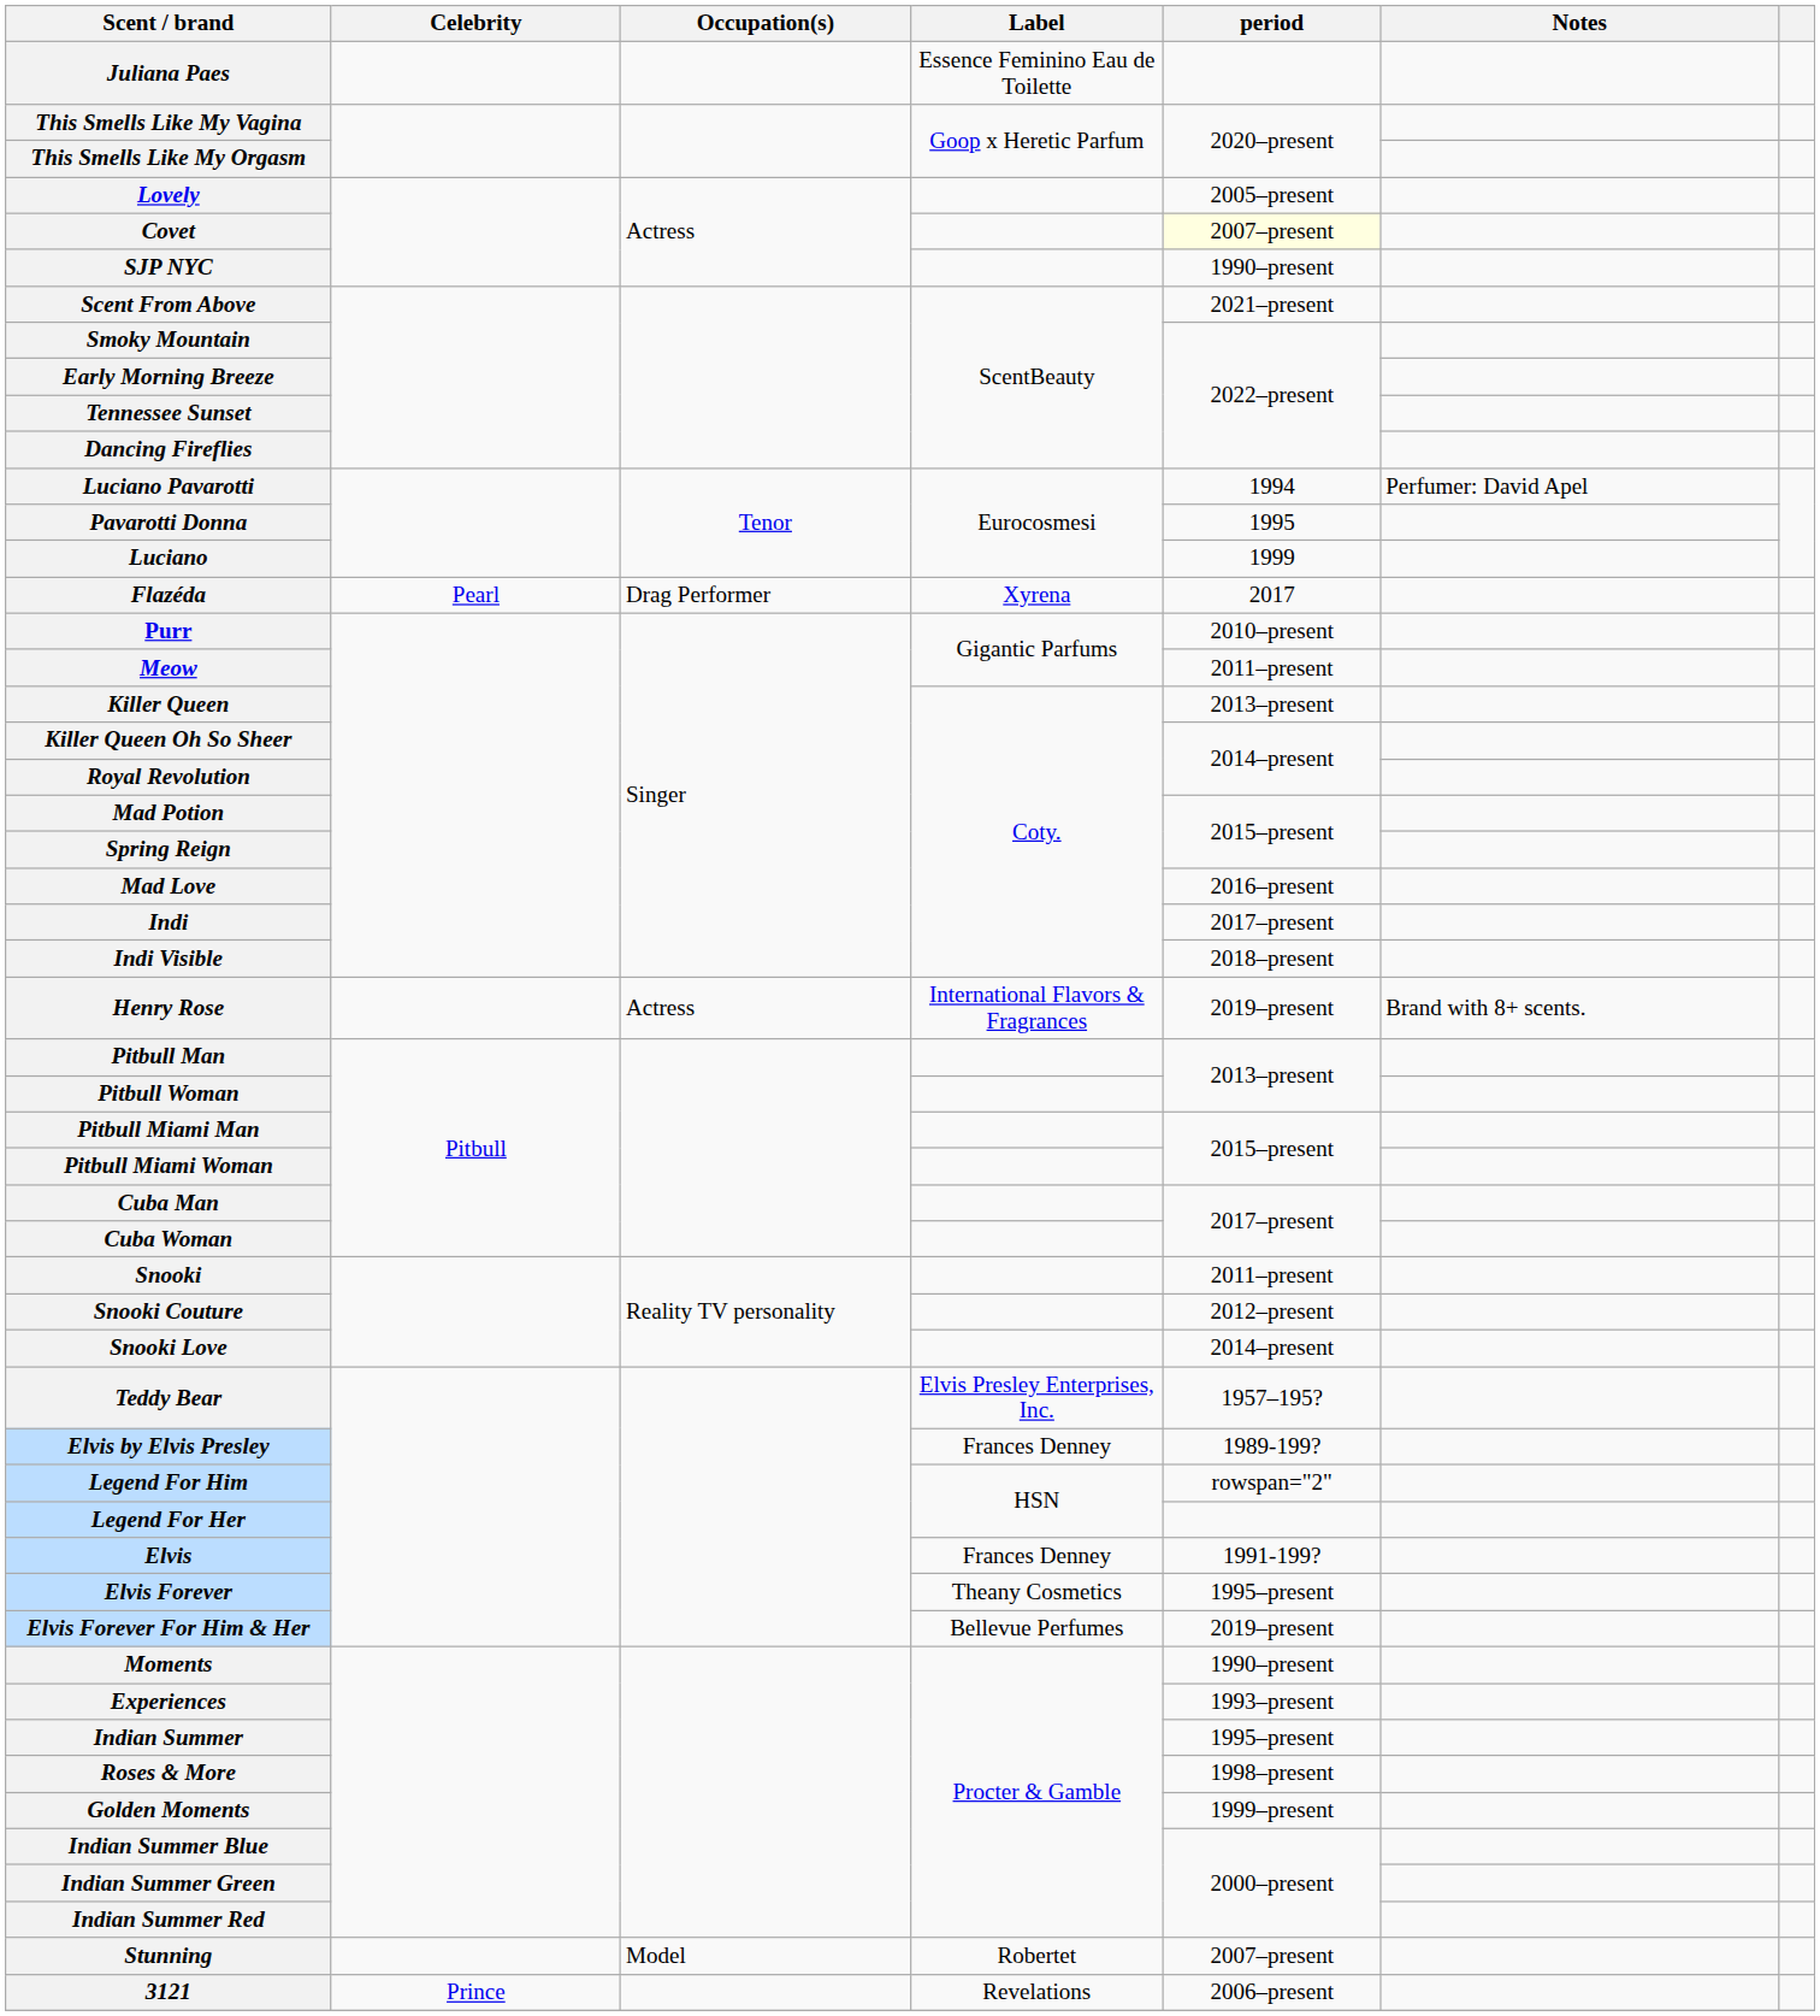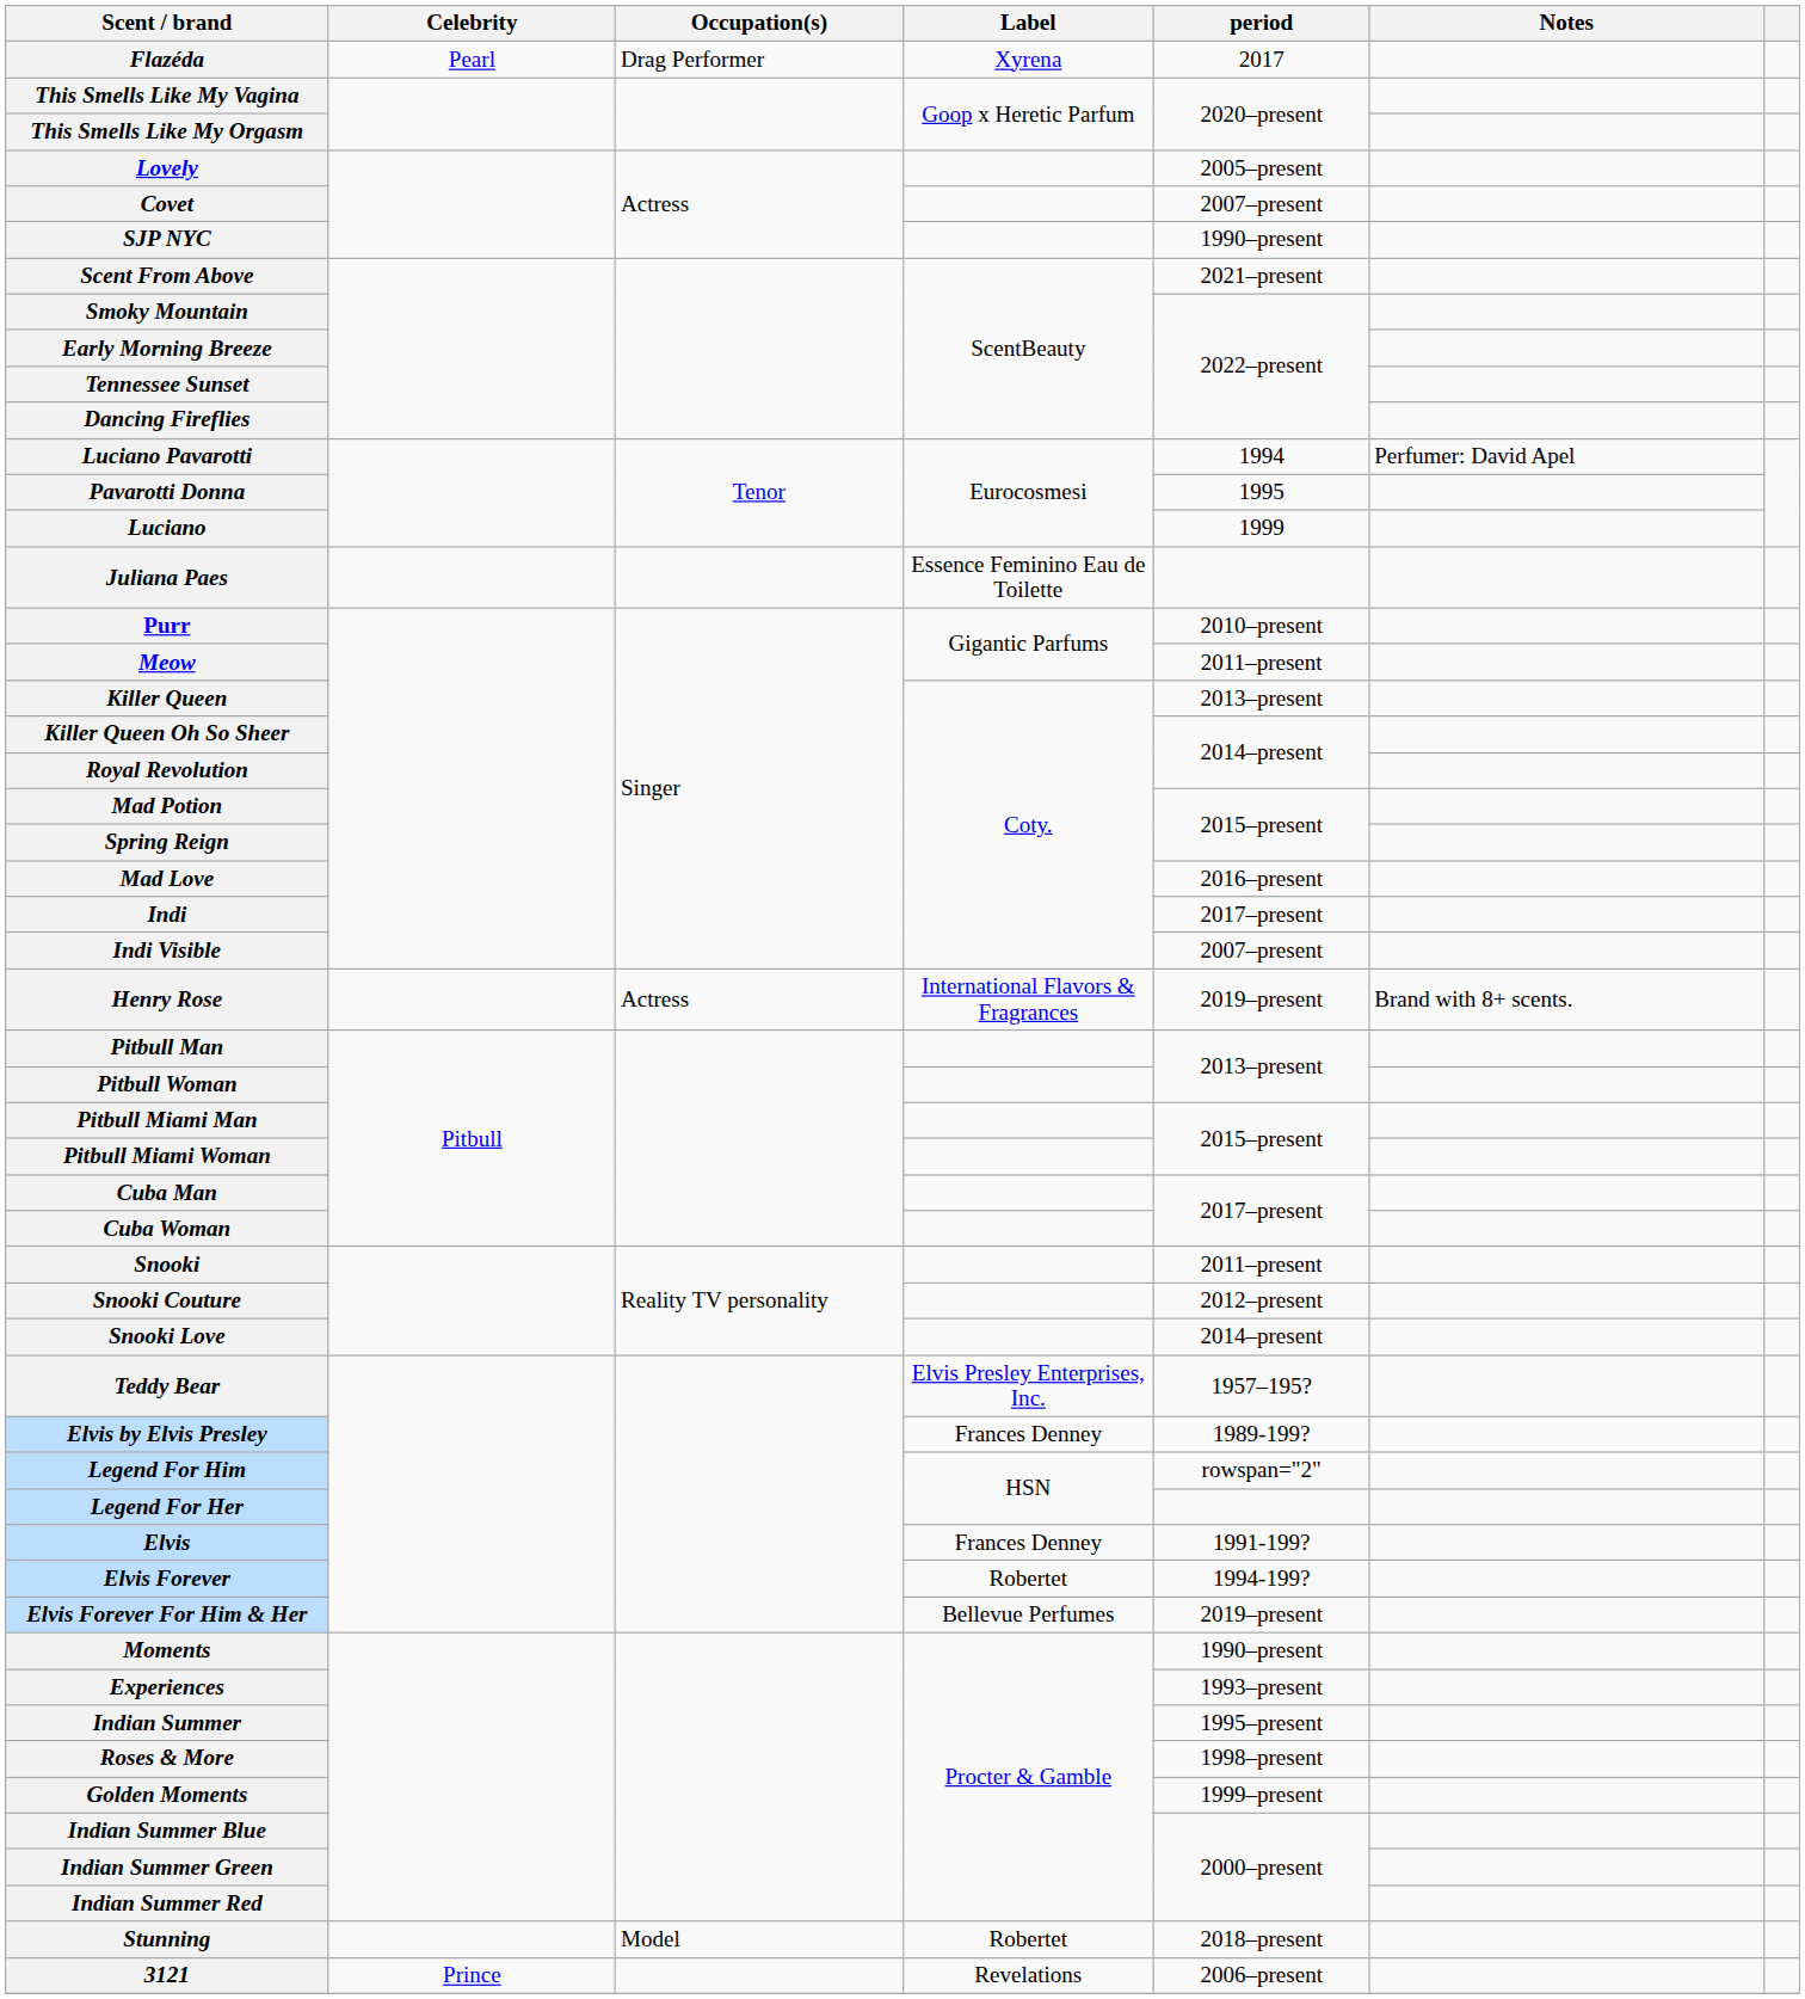 <table class="wikitable sortable plainrowheaders" font-size:95%; style="text-align:center;" width="100%;">
 <tr>
 <th scope="col" width="18%">Scent / brand</th>
 <th scope="col" width:"16%">Celebrity</th>
 <th scope="col" width="16%">Occupation(s)</th>
 <th scope="col" width="14%">Label</th>
 <th scope="col" width="12%"> period</th>
 <th scope="col" width="22%;" class="unsortable">Notes</th>
 <th scope="col" width="2%;" class="unsortable"></th>
 </tr>
 <tr>
-<th scope="row"><em>Juliana Paes</em></th>
-<td></td>
-<td></td>
-<td>Essence Feminino Eau de Toilette</td>
-<td></td>
+<th scope="row"><em>Flazéda</em></th>
+<td><a href='#'>Pearl</a></td>
+<td style="text-align:left;">Drag Performer</td>
+<td><a href='#'>Xyrena</a></td>
+<td>2017</td>
 <td style="text-align:left;"></td>
 <td></td>
 </tr>
 <tr>
 <th scope="row"><em>This Smells Like My Vagina</em></th>
 <td rowspan="2"></td>
 <td rowspan="2"></td>
 <td rowspan="2"><a href='#'>Goop</a> x Heretic Parfum</td>
 <td rowspan="2">2020–present</td>
 <td style="text-align:left;"></td>
 <td></td>
 </tr>
 <tr>
 <th scope="row"><em>This Smells Like My Orgasm</em></th>
 <td style="text-align:left;"></td>
 <td></td>
 </tr>
 <tr>
 <th scope="row"><em><a href='#'>Lovely</a></em></th>
 <td rowspan="3"></td>
 <td rowspan="3" style="text-align:left;">Actress</td>
 <td></td>
 <td>2005–present</td>
 <td style="text-align:left;"></td>
 <td></td>
 </tr>
 <tr>
 <th scope="row"><em>Covet</em></th>
 <td></td>
-<td style="background: lightyellow;">2007–present</td>
+<td>2007–present</td>
 <td style="text-align:left;"></td>
 <td></td>
 </tr>
 <tr>
 <th scope="row"><em>SJP NYC</em></th>
 <td></td>
 <td>1990–present</td>
 <td style="text-align:left;"></td>
 <td></td>
 </tr>
 <tr>
 <th scope="row"><em>Scent From Above</em></th>
 <td rowspan="5"></td>
 <td rowspan="5"></td>
 <td rowspan="5">ScentBeauty</td>
 <td>2021–present</td>
 <td style="text-align:left;"></td>
 <td></td>
 </tr>
 <tr>
 <th scope="row"><em>Smoky Mountain</em></th>
 <td rowspan="4">2022–present</td>
 <td style="text-align:left;"></td>
 <td></td>
 </tr>
 <tr>
 <th scope="row"><em>Early Morning Breeze</em></th>
 <td style="text-align:left;"></td>
 <td></td>
 </tr>
 <tr>
 <th scope="row"><em>Tennessee Sunset</em></th>
 <td style="text-align:left;"></td>
 <td></td>
 </tr>
 <tr>
 <th scope="row"><em>Dancing Fireflies</em></th>
 <td style="text-align:left;"></td>
 <td></td>
 </tr>
 <tr>
 <th scope="row"><em>Luciano Pavarotti</em></th>
 <td rowspan="3"></td>
 <td rowspan="3"><a href='#'>Tenor</a></td>
 <td rowspan="3">Eurocosmesi</td>
 <td>1994</td>
 <td style="text-align:left;">Perfumer: David Apel</td>
 <td rowspan="3"></td>
 </tr>
 <tr>
 <th scope="row"><em>Pavarotti Donna</em></th>
 <td>1995</td>
 <td style="text-align:left;"></td>
 </tr>
 <tr>
 <th scope="row"><em>Luciano</em></th>
 <td>1999</td>
 <td style="text-align:left;"></td>
 </tr>
 <tr>
-<th scope="row"><em>Flazéda</em></th>
-<td><a href='#'>Pearl</a></td>
-<td style="text-align:left;">Drag Performer</td>
-<td><a href='#'>Xyrena</a></td>
-<td>2017</td>
+<th scope="row"><em>Juliana Paes</em></th>
+<td></td>
+<td></td>
+<td>Essence Feminino Eau de Toilette</td>
+<td></td>
 <td style="text-align:left;"></td>
 <td></td>
 </tr>
 <tr>
 <th scope="row"><a href='#'>Purr</a></th>
 <td rowspan="10"></td>
 <td rowspan="10" style="text-align:left;">Singer</td>
 <td rowspan="2">Gigantic Parfums</td>
 <td>2010–present</td>
 <td style="text-align:left;"></td>
 <td></td>
 </tr>
 <tr>
 <th scope="row"><em><a href='#'>Meow</a></em></th>
 <td>2011–present</td>
 <td style="text-align:left;"></td>
 <td></td>
 </tr>
 <tr>
 <th scope="row"><em>Killer Queen</em></th>
 <td rowspan="8"><a href='#'>Coty.</a></td>
 <td>2013–present</td>
 <td style="text-align:left;"></td>
 <td></td>
 </tr>
 <tr>
 <th scope="row"><em>Killer Queen Oh So Sheer</em></th>
 <td rowspan="2">2014–present</td>
 <td style="text-align:left;"></td>
 <td></td>
 </tr>
 <tr>
 <th scope="row"><em>Royal Revolution</em></th>
 <td style="text-align:left;"></td>
 <td></td>
 </tr>
 <tr>
 <th scope="row"><em>Mad Potion</em></th>
 <td rowspan="2">2015–present</td>
 <td style="text-align:left;"></td>
 <td></td>
 </tr>
 <tr>
 <th scope="row"><em>Spring Reign</em></th>
 <td style="text-align:left;"></td>
 <td></td>
 </tr>
 <tr>
 <th scope="row"><em>Mad Love</em></th>
 <td>2016–present</td>
 <td style="text-align:left;"></td>
 <td></td>
 </tr>
 <tr>
 <th scope="row"><em>Indi</em></th>
 <td>2017–present</td>
 <td style="text-align:left;"></td>
 <td></td>
 </tr>
 <tr>
 <th scope="row"><em>Indi Visible</em></th>
-<td>2018–present</td>
+<td>2007–present</td>
 <td style="text-align:left;"></td>
 <td></td>
 </tr>
 <tr>
 <th scope="row"><em>Henry Rose</em></th>
 <td></td>
 <td style="text-align:left;">Actress</td>
 <td><a href='#'>International Flavors & Fragrances</a></td>
 <td>2019–present</td>
 <td style="text-align:left;">Brand with 8+ scents.</td>
 <td></td>
 </tr>
 <tr>
 <th scope="row"><em>Pitbull Man</em></th>
 <td rowspan="6"><a href='#'>Pitbull</a></td>
 <td rowspan="6"></td>
 <td></td>
 <td rowspan="2">2013–present</td>
 <td style="text-align:left;"></td>
 <td></td>
 </tr>
 <tr>
 <th scope="row"><em>Pitbull Woman</em></th>
 <td></td>
 <td style="text-align:left;"></td>
 <td></td>
 </tr>
 <tr>
 <th scope="row"><em>Pitbull Miami Man</em></th>
 <td></td>
 <td rowspan="2">2015–present</td>
 <td></td>
 <td></td>
 </tr>
 <tr>
 <th scope="row"><em>Pitbull Miami Woman</em></th>
 <td></td>
 <td style="text-align:left;"></td>
 <td></td>
 </tr>
 <tr>
 <th scope="row"><em>Cuba Man</em></th>
 <td></td>
 <td rowspan="2">2017–present</td>
 <td style="text-align:left;"></td>
 <td></td>
 </tr>
 <tr>
 <th scope="row"><em>Cuba Woman</em></th>
 <td></td>
 <td style="text-align:left;"></td>
 <td></td>
 </tr>
 <tr>
 <th scope="row"><em>Snooki</em></th>
 <td rowspan="3"></td>
 <td rowspan="3" style="text-align:left;">Reality TV personality</td>
 <td></td>
 <td>2011–present</td>
 <td style="text-align:left;"></td>
 <td></td>
 </tr>
 <tr>
 <th scope="row"><em>Snooki Couture</em></th>
 <td></td>
 <td>2012–present</td>
 <td style="text-align:left;"></td>
 <td></td>
 </tr>
 <tr>
 <th scope="row"><em>Snooki Love</em></th>
 <td></td>
 <td>2014–present</td>
 <td style="text-align:left;"></td>
 <td></td>
 </tr>
 <tr>
 <th scope="row"><em>Teddy Bear</em></th>
 <td rowspan="7"></td>
 <td rowspan="7"></td>
 <td><a href='#'>Elvis Presley Enterprises, Inc.</a></td>
 <td>1957–195?</td>
 <td style="text-align:left;"></td>
 <td></td>
 </tr>
 <tr>
 <th style="background:#bdf;" scope="row"><em>Elvis by Elvis Presley</em></th>
 <td>Frances Denney</td>
 <td>1989-199?</td>
 <td style="text-align:left;"></td>
 <td></td>
 </tr>
 <tr>
 <th style="background:#bdf;" scope="row"><em>Legend For Him</em></th>
 <td rowspan="2">HSN</td>
 <td>rowspan="2" </td>
 <td style="text-align:left;"></td>
 <td></td>
 </tr>
 <tr>
 <th style="background:#bdf;" scope="row"><em>Legend For Her</em></th>
 <td style="text-align:left;"></td>
 <td></td>
 </tr>
 <tr>
 <th style="background:#bdf;" scope="row"><em>Elvis</em></th>
 <td>Frances Denney</td>
 <td>1991-199?</td>
 <td style="text-align:left;"></td>
 <td></td>
 </tr>
 <tr>
 <th style="background:#bdf;" scope="row"><em>Elvis Forever</em></th>
-<td>Theany Cosmetics</td>
-<td>1995–present</td>
+<td>Robertet</td>
+<td>1994-199?</td>
 <td style="text-align:left;"></td>
 <td></td>
 </tr>
 <tr>
 <th style="background:#bdf;" scope="row"><em>Elvis Forever For Him & Her</em></th>
 <td>Bellevue Perfumes</td>
 <td>2019–present</td>
 <td style="text-align:left;"></td>
 <td></td>
 </tr>
 <tr>
 <th scope="row"><em>Moments</em></th>
 <td rowspan="8"></td>
 <td rowspan="8"></td>
 <td rowspan="8"><a href='#'>Procter & Gamble</a></td>
 <td>1990–present</td>
 <td style="text-align:left;"></td>
 <td></td>
 </tr>
 <tr>
 <th scope="row"><em>Experiences</em></th>
 <td>1993–present</td>
 <td style="text-align:left;"></td>
 <td></td>
 </tr>
 <tr>
 <th scope="row"><em>Indian Summer</em></th>
 <td>1995–present</td>
 <td style="text-align:left;"></td>
 <td></td>
 </tr>
 <tr>
 <th scope="row"><em>Roses & More</em></th>
 <td>1998–present</td>
 <td style="text-align:left;"></td>
 <td></td>
 </tr>
 <tr>
 <th scope="row"><em>Golden Moments</em></th>
 <td>1999–present</td>
 <td style="text-align:left;"></td>
 <td></td>
 </tr>
 <tr>
 <th scope="row"><em>Indian Summer Blue</em></th>
 <td rowspan="3">2000–present</td>
 <td style="text-align:left;"></td>
 <td></td>
 </tr>
 <tr>
 <th scope="row"><em>Indian Summer Green</em></th>
 <td style="text-align:left;"></td>
 <td></td>
 </tr>
 <tr>
 <th scope="row"><em>Indian Summer Red</em></th>
 <td style="text-align:left;"></td>
 <td></td>
 </tr>
 <tr>
 <th scope="row"><em>Stunning</em></th>
 <td></td>
 <td style="text-align:left;">Model</td>
 <td>Robertet</td>
-<td>2007–present</td>
+<td>2018–present</td>
 <td style="text-align:left;"></td>
 <td></td>
 </tr>
 <tr>
 <th scope="row"><em>3121</em></th>
 <td><a href='#'>Prince</a></td>
 <td></td>
 <td>Revelations</td>
 <td>2006–present</td>
 <td style="text-align:left;"></td>
 <td></td>
 </tr>
 <tr>
 </tr>
 </table>
